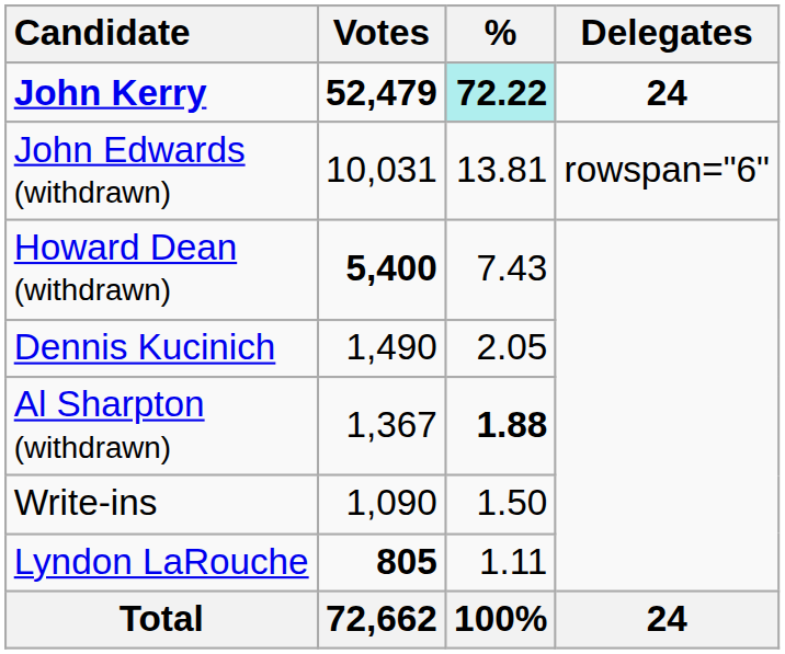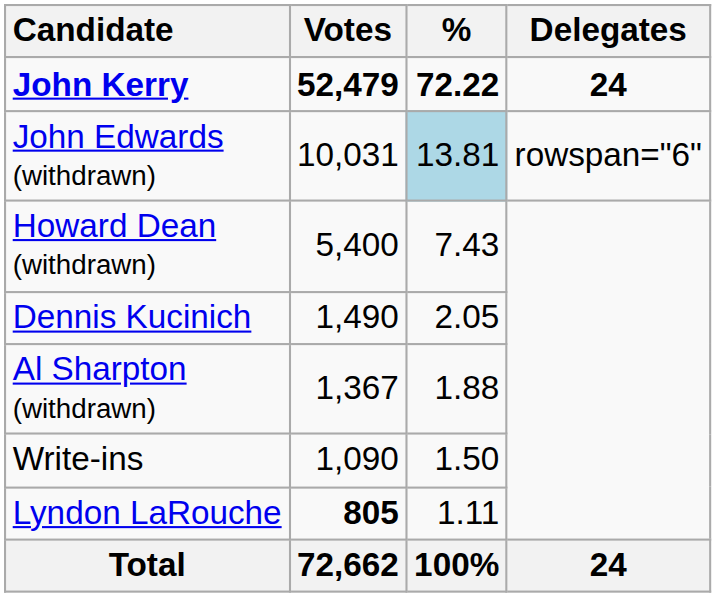 <table class="wikitable sortable plainrowheaders" style="text-align:right;">
 <tr>
 <th style="text-align:left;">Candidate</th>
 <th>Votes</th>
 <th>%</th>
 <th>Delegates</th>
 </tr>
 <tr>
 <td style="text-align:left;" data-sort-value="Kerry"><strong><a href='#'>John Kerry</a></strong></td>
 <td><strong>52,479</strong></td>
-<td style="background: paleturquoise;"><strong>72.22</strong></td>
+<td><strong>72.22</strong></td>
 <td style="text-align:center;"><strong>24</strong></td>
 </tr>
 <tr>
 <td style="text-align:left;" data-sort-value="Edwards"><a href='#'>John Edwards</a><br><small>(withdrawn)</small></td>
 <td>10,031</td>
-<td>13.81</td>
+<td style="background: lightblue;">13.81</td>
 <td>rowspan="6" </td>
 </tr>
 <tr>
 <td style="text-align:left;" data-sort-value="Dean"><a href='#'>Howard Dean</a><br><small>(withdrawn)</small></td>
-<td><strong>5,400</strong></td>
+<td>5,400</td>
 <td>7.43</td>
 </tr>
 <tr>
 <td style="text-align:left;" data-sort-value="Kucinich"><a href='#'>Dennis Kucinich</a></td>
 <td>1,490</td>
 <td>2.05</td>
 </tr>
 <tr>
 <td style="text-align:left;" data-sort-value="Sharpton"><a href='#'>Al Sharpton</a><br><small>(withdrawn)</small></td>
 <td>1,367</td>
-<td><strong>1.88</strong></td>
+<td>1.88</td>
 </tr>
 <tr>
 <td style="text-align:left;" data-sort-value="Write-ins">Write-ins</td>
 <td>1,090</td>
 <td>1.50</td>
 </tr>
 <tr>
 <td style="text-align:left;" data-sort-value="LaRouche"><a href='#'>Lyndon LaRouche</a></td>
 <td><strong>805</strong></td>
 <td>1.11</td>
 </tr>
 <tr class="sortbottom">
 <th>Total</th>
 <th><strong>72,662</strong></th>
 <th>100%</th>
 <th>24</th>
 </tr>
 </table>
